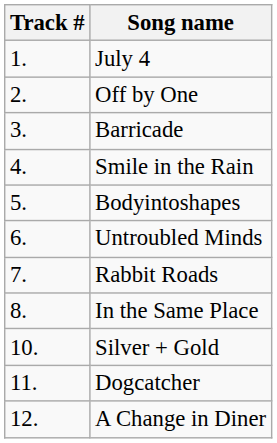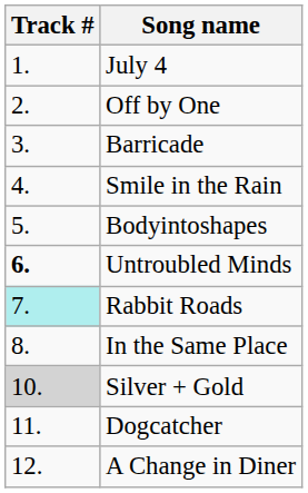 <table class="wikitable">
 <tr>
 <th>Track #</th>
 <th>Song name</th>
 </tr>
 <tr>
 <td>1.</td>
 <td>July 4</td>
 </tr>
 <tr>
 <td>2.</td>
 <td>Off by One</td>
 </tr>
 <tr>
 <td>3.</td>
 <td>Barricade</td>
 </tr>
 <tr>
 <td>4.</td>
 <td>Smile in the Rain</td>
 </tr>
 <tr>
 <td>5.</td>
 <td>Bodyintoshapes</td>
 </tr>
 <tr>
-<td>6.</td>
+<td><strong>6.</strong></td>
 <td>Untroubled Minds</td>
 </tr>
 <tr>
-<td>7.</td>
+<td style="background: paleturquoise;">7.</td>
 <td>Rabbit Roads</td>
 </tr>
 <tr>
 <td>8.</td>
 <td>In the Same Place</td>
 </tr>
 <tr>
-<td>10.</td>
+<td style="background: lightgrey;">10.</td>
 <td>Silver + Gold</td>
 </tr>
 <tr>
 <td>11.</td>
 <td>Dogcatcher</td>
 </tr>
 <tr>
 <td>12.</td>
 <td>A Change in Diner</td>
 </tr>
 </table>
